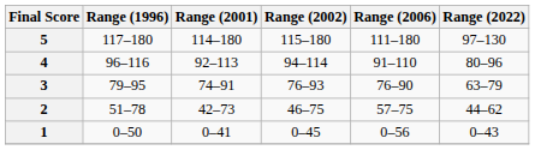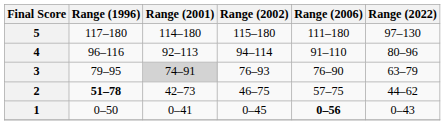 <table class="wikitable">
 <tr>
 <th>Final Score</th>
 <th>Range (1996)</th>
 <th>Range (2001)</th>
 <th>Range (2002)</th>
 <th>Range (2006)</th>
 <th>Range (2022)</th>
 </tr>
 <tr align="center">
 <th>5</th>
 <td>117–180</td>
 <td>114–180</td>
 <td>115–180</td>
 <td>111–180</td>
 <td>97–130</td>
 </tr>
 <tr align="center">
 <th>4</th>
 <td>96–116</td>
 <td>92–113</td>
 <td>94–114</td>
 <td>91–110</td>
 <td>80–96</td>
 </tr>
 <tr align="center">
 <th>3</th>
 <td>79–95</td>
-<td>74–91</td>
+<td style="background: lightgrey;">74–91</td>
 <td>76–93</td>
 <td>76–90</td>
 <td>63–79</td>
 </tr>
 <tr align="center">
 <th>2</th>
-<td>51–78</td>
+<td><strong>51–78</strong></td>
 <td>42–73</td>
 <td>46–75</td>
 <td>57–75</td>
 <td>44–62</td>
 </tr>
 <tr align="center">
 <th>1</th>
 <td>0–50</td>
 <td>0–41</td>
 <td>0–45</td>
-<td>0–56</td>
+<td><strong>0–56</strong></td>
 <td>0–43</td>
 </tr>
 <tr align="center">
 </tr>
 </table>
